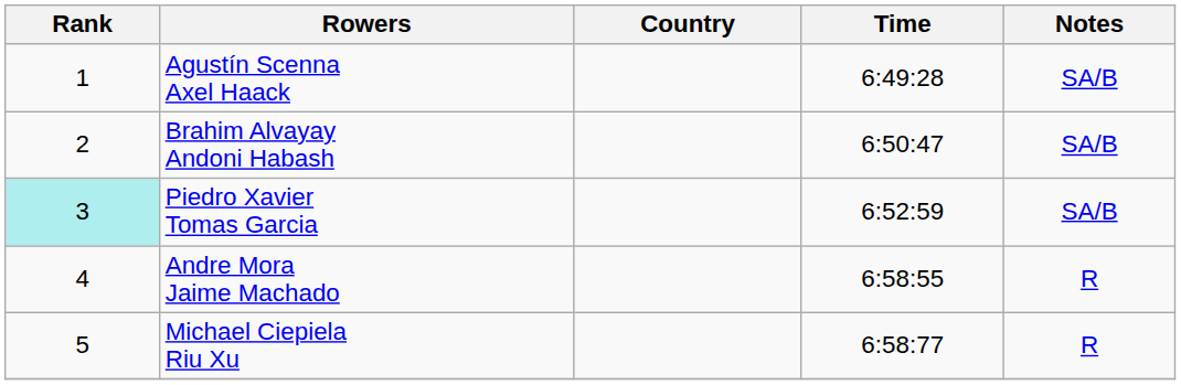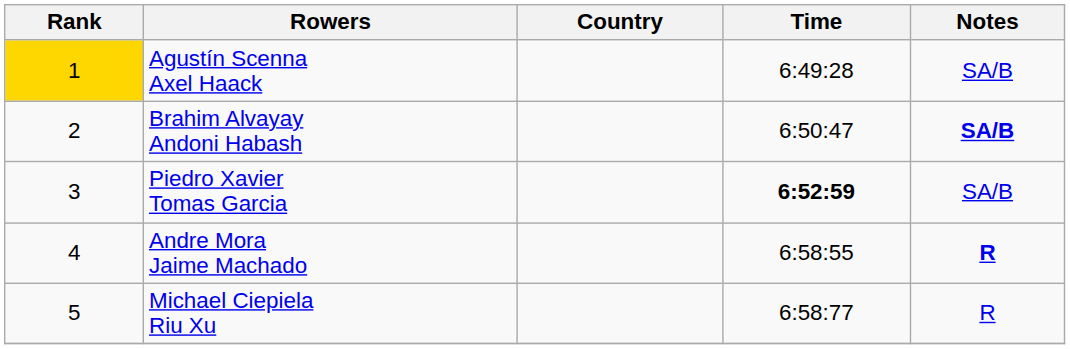 <table class="wikitable" width=60% style="text-align:center">
 <tr>
 <th>Rank</th>
 <th>Rowers</th>
 <th>Country</th>
 <th>Time</th>
 <th>Notes</th>
 </tr>
 <tr>
-<td>1</td>
+<td style="background: gold;">1</td>
 <td align=left><a href='#'>Agustín Scenna</a><br><a href='#'>Axel Haack</a></td>
 <td align=left></td>
 <td>6:49:28</td>
 <td><a href='#'>SA/B</a></td>
 </tr>
 <tr>
 <td>2</td>
 <td align=left><a href='#'>Brahim Alvayay</a><br><a href='#'>Andoni Habash</a></td>
 <td align=left></td>
 <td>6:50:47</td>
-<td><a href='#'>SA/B</a></td>
+<td><strong><a href='#'>SA/B</a></strong></td>
 </tr>
 <tr>
-<td style="background: paleturquoise;">3</td>
+<td>3</td>
 <td align=left><a href='#'>Piedro Xavier</a><br><a href='#'>Tomas Garcia</a></td>
 <td align=left></td>
-<td>6:52:59</td>
+<td><strong>6:52:59</strong></td>
 <td><a href='#'>SA/B</a></td>
 </tr>
 <tr>
 <td>4</td>
 <td align=left><a href='#'>Andre Mora</a><br><a href='#'>Jaime Machado</a></td>
 <td align=left></td>
 <td>6:58:55</td>
-<td><a href='#'>R</a></td>
+<td><strong><a href='#'>R</a></strong></td>
 </tr>
 <tr>
 <td>5</td>
 <td align=left><a href='#'>Michael Ciepiela</a><br><a href='#'>Riu Xu</a></td>
 <td align=left></td>
 <td>6:58:77</td>
 <td><a href='#'>R</a></td>
 </tr>
 <tr>
 </tr>
 </table>
